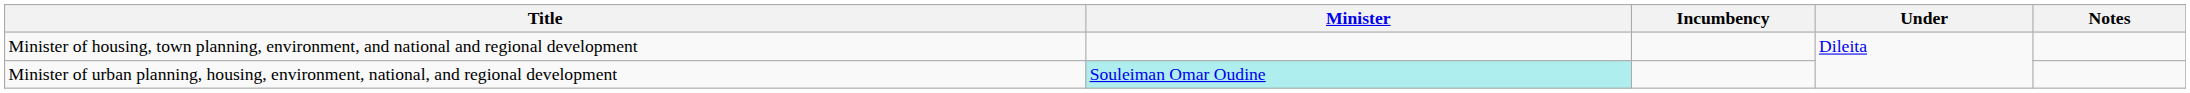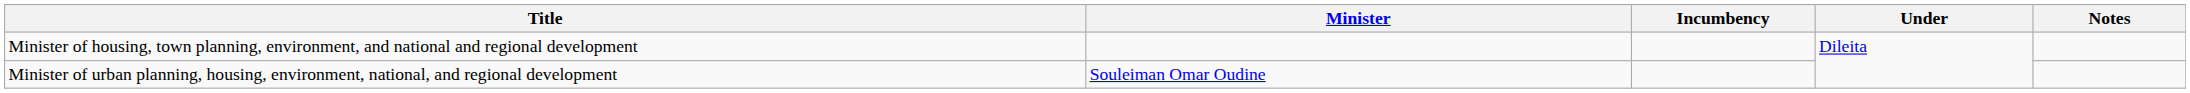 <table class="wikitable" style="width:100%;">
 <tr>
 <th>Title</th>
 <th style="width:25%;"><a href='#'>Minister</a></th>
 <th style="width:160px;">Incumbency</th>
 <th style="width:10%;">Under</th>
 <th style="width:7%;">Notes</th>
 </tr>
 <tr>
 <td>Minister of housing, town planning, environment, and national and regional development</td>
 <td></td>
 <td></td>
 <td rowspan="2" style="vertical-align:top;"><a href='#'>Dileita</a></td>
 <td></td>
 </tr>
 <tr>
 <td>Minister of urban planning, housing, environment, national, and regional development</td>
-<td style="background: paleturquoise;"><a href='#'>Souleiman Omar Oudine</a></td>
+<td><a href='#'>Souleiman Omar Oudine</a></td>
 <td></td>
 <td></td>
 </tr>
 </table>
